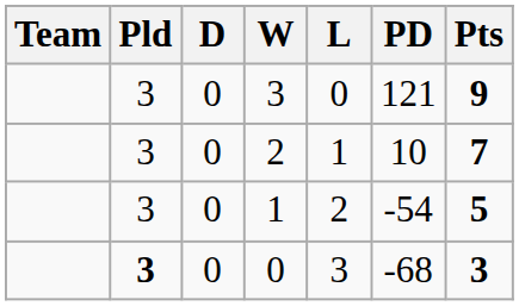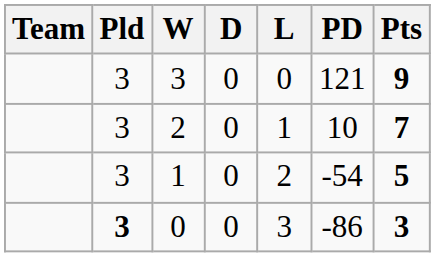 <table class="wikitable" style="text-align:center;">
 <tr>
 <th>Team</th>
 <th width="20" abbr="Played">Pld</th>
+<th width="20" abbr="Won">W</th>
 <th width="20" abbr="Drawn">D</th>
-<th width="20" abbr="Won">W</th>
 <th width="20" abbr="Lost">L</th>
 <th width="25" abbr="Points difference">PD</th>
 <th width="20" abbr="Points">Pts</th>
 </tr>
 <tr>
 <td align="left"></td>
 <td>3</td>
+<td>3</td>
 <td>0</td>
-<td>3</td>
 <td>0</td>
 <td>121</td>
 <td><strong>9</strong></td>
 </tr>
 <tr>
 <td align="left"></td>
 <td>3</td>
+<td>2</td>
 <td>0</td>
-<td>2</td>
 <td>1</td>
 <td>10</td>
 <td><strong>7</strong></td>
 </tr>
 <tr>
 <td align="left"></td>
 <td>3</td>
+<td>1</td>
 <td>0</td>
-<td>1</td>
 <td>2</td>
 <td>-54</td>
 <td><strong>5</strong></td>
 </tr>
 <tr>
 <td align="left"></td>
 <td><strong>3</strong></td>
 <td>0</td>
 <td>0</td>
 <td>3</td>
-<td>-68</td>
+<td>-86</td>
 <td><strong>3</strong></td>
 </tr>
 </table>
